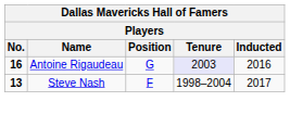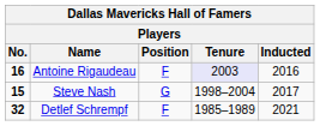 <table class="wikitable" style="text-align:center">
 <tr>
 <th colspan="5">Dallas Mavericks Hall of Famers</th>
 </tr>
 <tr>
 <th colspan="5" style="text-align:center; ">Players</th>
 </tr>
 <tr>
 <th>No.</th>
 <th>Name</th>
 <th>Position</th>
 <th>Tenure</th>
 <th>Inducted</th>
 </tr>
 <tr>
 <td><strong>16</strong></td>
 <td><a href='#'>Antoine Rigaudeau</a></td>
-<td><a href='#'>G</a></td>
+<td><a href='#'>F</a></td>
 <td style="background: lavender;">2003</td>
 <td>2016</td>
 </tr>
 <tr>
-<td><strong>13</strong></td>
+<td><strong>15</strong></td>
 <td><a href='#'>Steve Nash</a></td>
-<td><a href='#'>F</a></td>
+<td><a href='#'>G</a></td>
 <td>1998–2004</td>
 <td>2017</td>
 </tr>
+<tr>
+<td><strong>32</strong></td>
+<td><a href='#'>Detlef Schrempf</a></td>
+<td><a href='#'>F</a></td>
+<td>1985–1989</td>
+<td>2021</td>
+</tr>
 </table>
